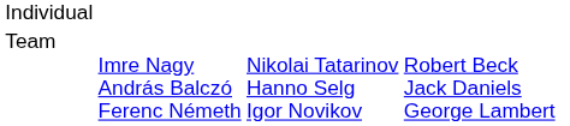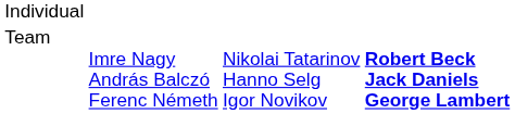 <table>
 <tr>
 <td>Individual<br></td>
 <td></td>
 <td></td>
 <td></td>
 </tr>
 <tr valign="top">
 <td>Team<br></td>
 <td><br><a href='#'>Imre Nagy</a><br><a href='#'>András Balczó</a><br><a href='#'>Ferenc Németh</a></td>
 <td><br><a href='#'>Nikolai Tatarinov</a><br><a href='#'>Hanno Selg</a><br><a href='#'>Igor Novikov</a></td>
-<td><br><a href='#'>Robert Beck</a><br><a href='#'>Jack Daniels</a><br><a href='#'>George Lambert</a></td>
+<td><strong><br><a href='#'>Robert Beck</a><br><a href='#'>Jack Daniels</a><br><a href='#'>George Lambert</a></strong></td>
 </tr>
 </table>
